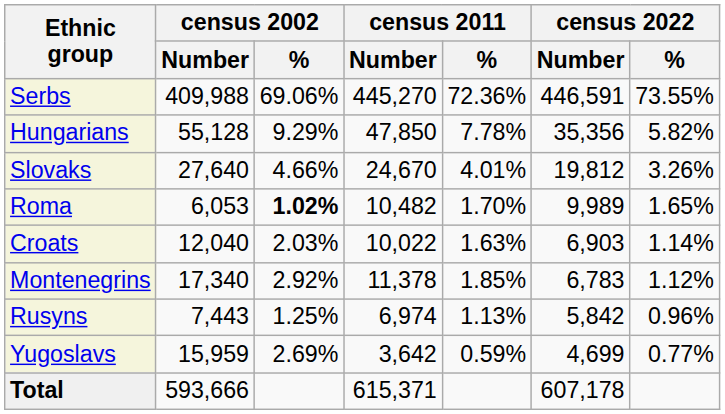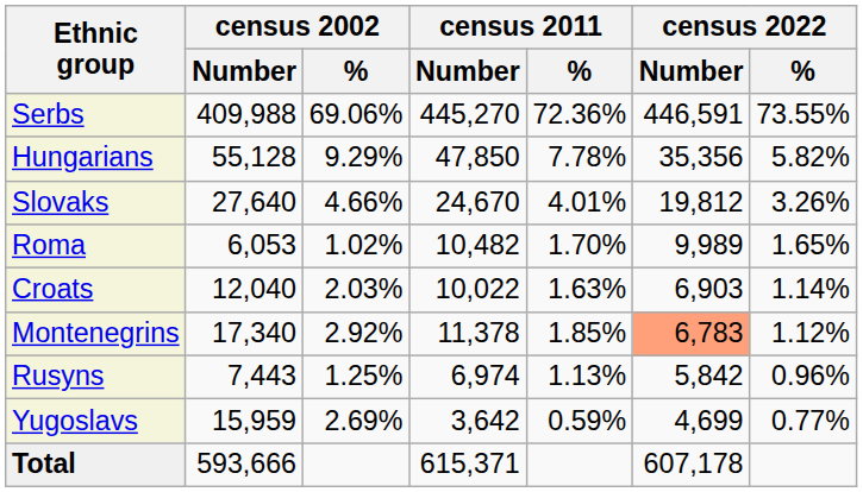 <table class="wikitable">
 <tr style="background:#e0e0e0;">
 <th rowspan="2">Ethnic<br>group</th>
 <th colspan="2">census 2002</th>
 <th colspan="2">census 2011</th>
 <th colspan="2">census 2022</th>
 </tr>
 <tr style="background:#e0e0e0;">
 <th>Number</th>
 <th>%</th>
 <th>Number</th>
 <th>%</th>
 <th>Number</th>
 <th>%</th>
 </tr>
 <tr>
 <td style="background:#F5F5DC;"><a href='#'>Serbs</a></td>
 <td style="text-align:right;">409,988</td>
 <td style="text-align:right;">69.06%</td>
 <td style="text-align:right;">445,270</td>
 <td style="text-align:right;">72.36%</td>
 <td style="text-align:right;">446,591</td>
 <td style="text-align:right;">73.55%</td>
 </tr>
 <tr>
 <td style="background:#F5F5DC;"><a href='#'>Hungarians</a></td>
 <td style="text-align:right;">55,128</td>
 <td style="text-align:right;">9.29%</td>
 <td style="text-align:right;">47,850</td>
 <td style="text-align:right;">7.78%</td>
 <td style="text-align:right;">35,356</td>
 <td style="text-align:right;">5.82%</td>
 </tr>
 <tr>
 <td style="background:#F5F5DC;"><a href='#'>Slovaks</a></td>
 <td style="text-align:right;">27,640</td>
 <td style="text-align:right;">4.66%</td>
 <td style="text-align:right;">24,670</td>
 <td style="text-align:right;">4.01%</td>
 <td style="text-align:right;">19,812</td>
 <td style="text-align:right;">3.26%</td>
 </tr>
 <tr>
 <td style="background:#F5F5DC;"><a href='#'>Roma</a></td>
 <td style="text-align:right;">6,053</td>
-<td style="text-align:right;"><strong>1.02%</strong></td>
+<td style="text-align:right;">1.02%</td>
 <td style="text-align:right;">10,482</td>
 <td style="text-align:right;">1.70%</td>
 <td style="text-align:right;">9,989</td>
 <td style="text-align:right;">1.65%</td>
 </tr>
 <tr>
 <td style="background:#F5F5DC;"><a href='#'>Croats</a></td>
 <td style="text-align:right;">12,040</td>
 <td style="text-align:right;">2.03%</td>
 <td style="text-align:right;">10,022</td>
 <td style="text-align:right;">1.63%</td>
 <td style="text-align:right;">6,903</td>
 <td style="text-align:right;">1.14%</td>
 </tr>
 <tr>
 <td style="background:#F5F5DC;"><a href='#'>Montenegrins</a></td>
 <td style="text-align:right;">17,340</td>
 <td style="text-align:right;">2.92%</td>
 <td style="text-align:right;">11,378</td>
 <td style="text-align:right;">1.85%</td>
-<td style="text-align:right;">6,783</td>
+<td style="background: lightsalmon; text-align:right;">6,783</td>
 <td style="text-align:right;">1.12%</td>
 </tr>
 <tr>
 <td style="background:#F5F5DC;"><a href='#'>Rusyns</a></td>
 <td style="text-align:right;">7,443</td>
 <td style="text-align:right;">1.25%</td>
 <td style="text-align:right;">6,974</td>
 <td style="text-align:right;">1.13%</td>
 <td style="text-align:right;">5,842</td>
 <td style="text-align:right;">0.96%</td>
 </tr>
 <tr>
 <td style="background:#F5F5DC;"><a href='#'>Yugoslavs</a></td>
 <td style="text-align:right;">15,959</td>
 <td style="text-align:right;">2.69%</td>
 <td style="text-align:right;">3,642</td>
 <td style="text-align:right;">0.59%</td>
 <td style="text-align:right;">4,699</td>
 <td style="text-align:right;">0.77%</td>
 </tr>
 <tr>
 <td style="background:#F0F0F0;"><strong>Total</strong></td>
 <td style="text-align:right;">593,666</td>
 <td style="text-align:right;"></td>
 <td style="text-align:right;">615,371</td>
 <td style="text-align:right;"></td>
 <td style="text-align:right;">607,178</td>
 <td style="text-align:right;"></td>
 </tr>
 </table>
